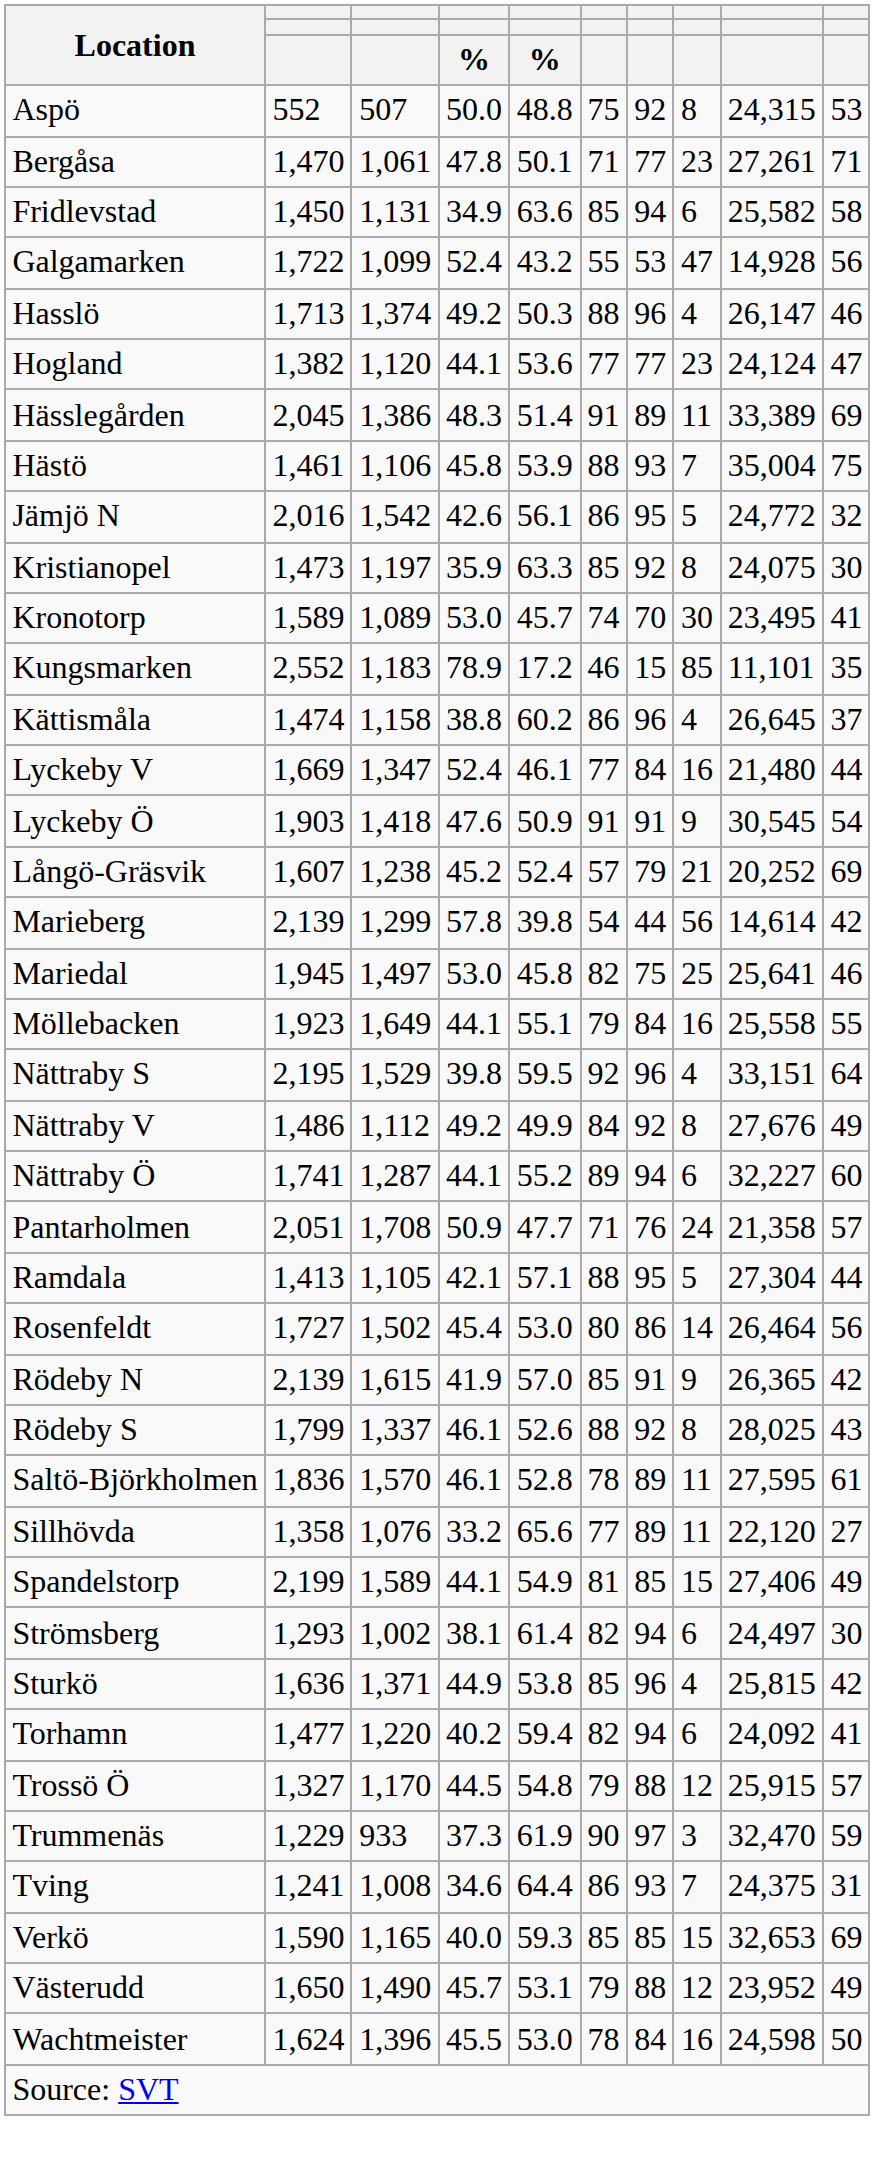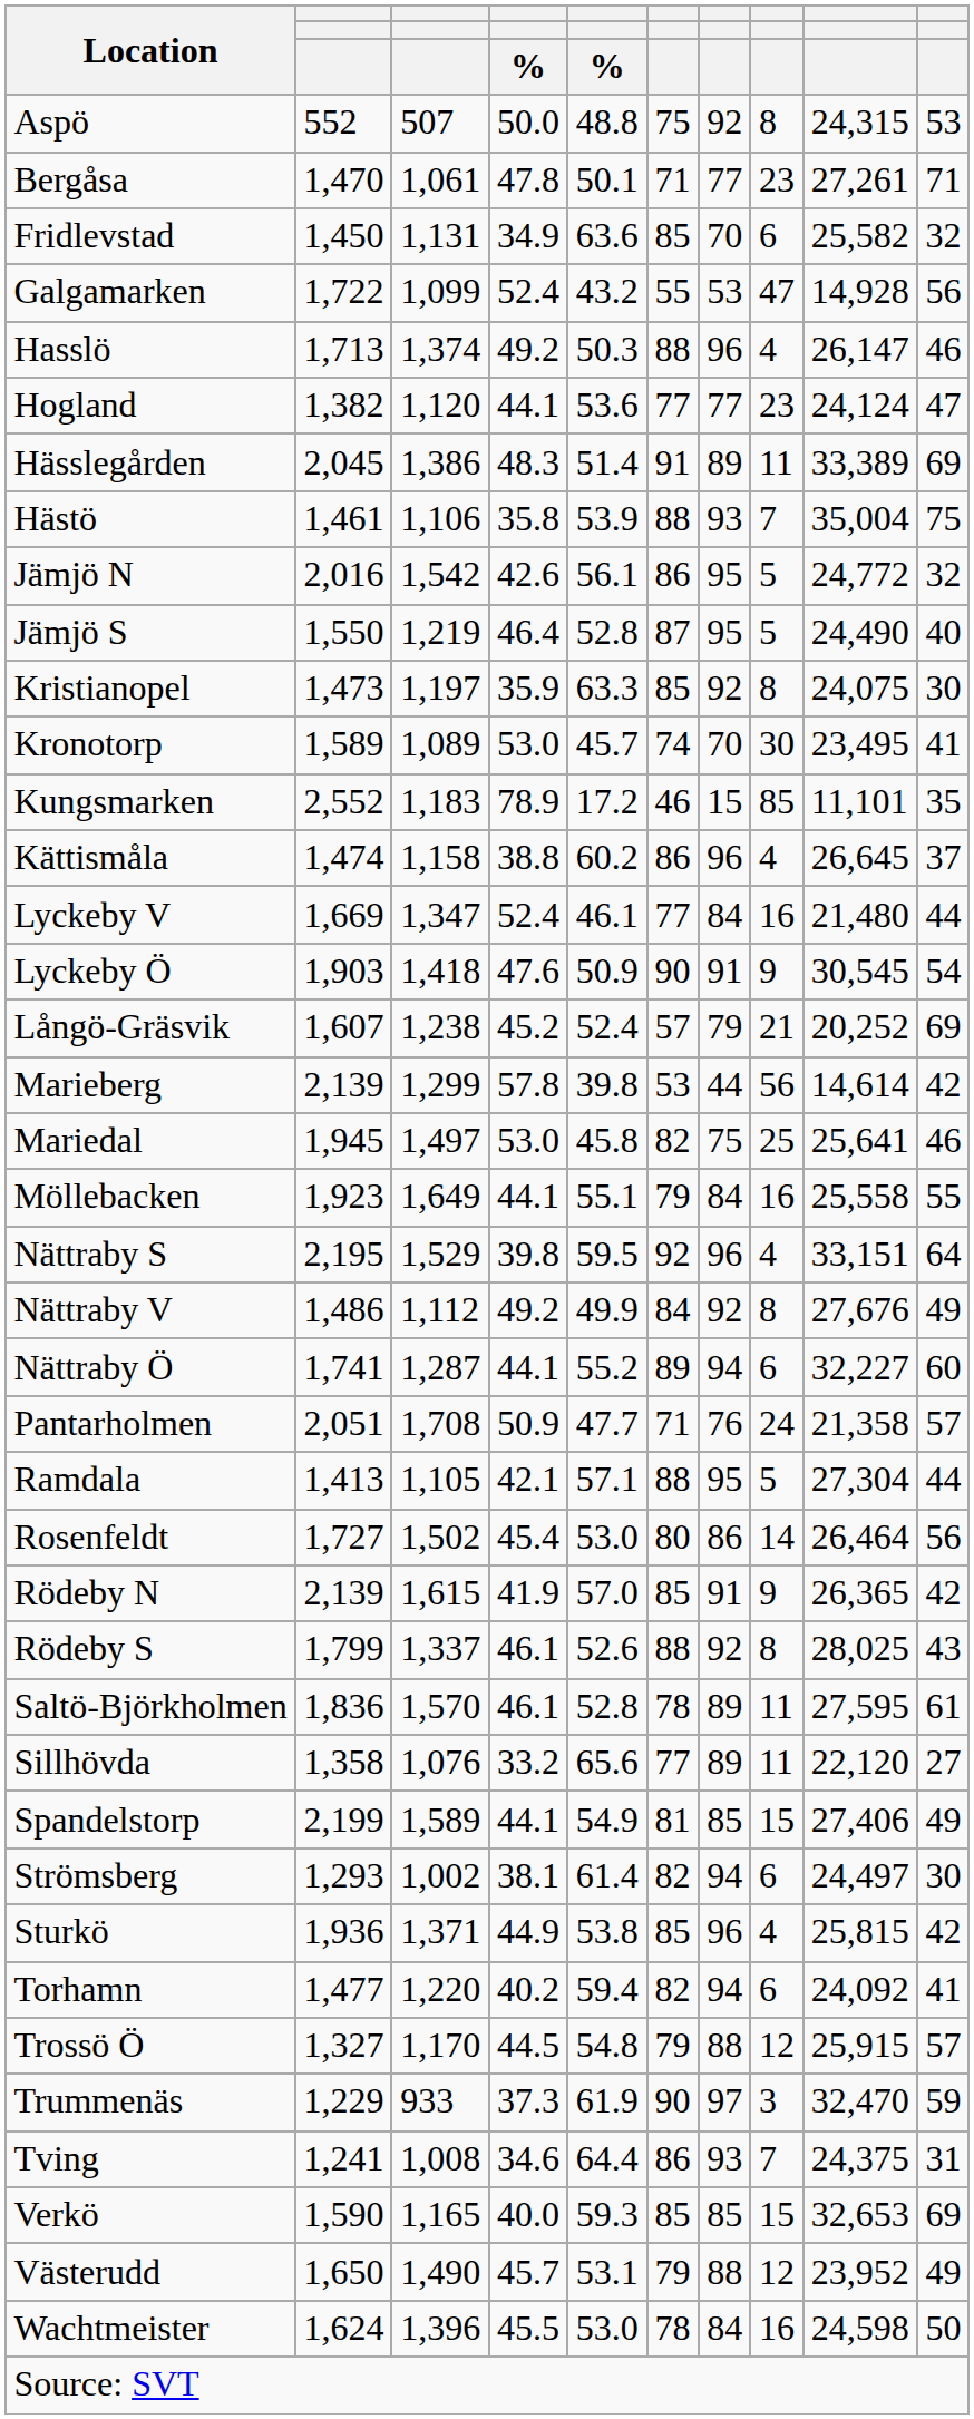 <table role="presentation" class="wikitable sortable mw-collapsible mw-collapsed">
 <tr>
 <th rowspan="3">Location</th>
 <th></th>
 <th></th>
 <th></th>
 <th></th>
 <th></th>
 <th></th>
 <th></th>
 <th></th>
 <th></th>
 </tr>
 <tr>
 <th></th>
 <th></th>
 <th style="background:"></th>
 <th style="background:"></th>
 <th></th>
 <th></th>
 <th></th>
 <th></th>
 <th></th>
 </tr>
 <tr>
 <th data-sort-type="number"></th>
 <th data-sort-type="number"></th>
 <th data-sort-type="number">%</th>
 <th data-sort-type="number">%</th>
 <th data-sort-type="number"></th>
 <th data-sort-type="number"></th>
 <th data-sort-type="number"></th>
 <th data-sort-type="number"></th>
 <th data-sort-type="number"></th>
 </tr>
 <tr>
 <td align="left">Aspö</td>
 <td>552</td>
 <td>507</td>
 <td>50.0</td>
 <td>48.8</td>
 <td>75</td>
 <td>92</td>
 <td>8</td>
 <td>24,315</td>
 <td>53</td>
 </tr>
 <tr>
 <td align="left">Bergåsa</td>
 <td>1,470</td>
 <td>1,061</td>
 <td>47.8</td>
 <td>50.1</td>
 <td>71</td>
 <td>77</td>
 <td>23</td>
 <td>27,261</td>
 <td>71</td>
 </tr>
 <tr>
 <td align="left">Fridlevstad</td>
 <td>1,450</td>
 <td>1,131</td>
 <td>34.9</td>
 <td>63.6</td>
 <td>85</td>
-<td>94</td>
+<td>70</td>
 <td>6</td>
 <td>25,582</td>
-<td>58</td>
+<td>32</td>
 </tr>
 <tr>
 <td align="left">Galgamarken</td>
 <td>1,722</td>
 <td>1,099</td>
 <td>52.4</td>
 <td>43.2</td>
 <td>55</td>
 <td>53</td>
 <td>47</td>
 <td>14,928</td>
 <td>56</td>
 </tr>
 <tr>
 <td align="left">Hasslö</td>
 <td>1,713</td>
 <td>1,374</td>
 <td>49.2</td>
 <td>50.3</td>
 <td>88</td>
 <td>96</td>
 <td>4</td>
 <td>26,147</td>
 <td>46</td>
 </tr>
 <tr>
 <td align="left">Hogland</td>
 <td>1,382</td>
 <td>1,120</td>
 <td>44.1</td>
 <td>53.6</td>
 <td>77</td>
 <td>77</td>
 <td>23</td>
 <td>24,124</td>
 <td>47</td>
 </tr>
 <tr>
 <td align="left">Hässlegården</td>
 <td>2,045</td>
 <td>1,386</td>
 <td>48.3</td>
 <td>51.4</td>
 <td>91</td>
 <td>89</td>
 <td>11</td>
 <td>33,389</td>
 <td>69</td>
 </tr>
 <tr>
 <td align="left">Hästö</td>
 <td>1,461</td>
 <td>1,106</td>
-<td>45.8</td>
+<td>35.8</td>
 <td>53.9</td>
 <td>88</td>
 <td>93</td>
 <td>7</td>
 <td>35,004</td>
 <td>75</td>
 </tr>
 <tr>
 <td align="left">Jämjö N</td>
 <td>2,016</td>
 <td>1,542</td>
 <td>42.6</td>
 <td>56.1</td>
 <td>86</td>
 <td>95</td>
 <td>5</td>
 <td>24,772</td>
 <td>32</td>
+</tr>
+<tr>
+<td align="left">Jämjö S</td>
+<td>1,550</td>
+<td>1,219</td>
+<td>46.4</td>
+<td>52.8</td>
+<td>87</td>
+<td>95</td>
+<td>5</td>
+<td>24,490</td>
+<td>40</td>
 </tr>
 <tr>
 <td align="left">Kristianopel</td>
 <td>1,473</td>
 <td>1,197</td>
 <td>35.9</td>
 <td>63.3</td>
 <td>85</td>
 <td>92</td>
 <td>8</td>
 <td>24,075</td>
 <td>30</td>
 </tr>
 <tr>
 <td align="left">Kronotorp</td>
 <td>1,589</td>
 <td>1,089</td>
 <td>53.0</td>
 <td>45.7</td>
 <td>74</td>
 <td>70</td>
 <td>30</td>
 <td>23,495</td>
 <td>41</td>
 </tr>
 <tr>
 <td align="left">Kungsmarken</td>
 <td>2,552</td>
 <td>1,183</td>
 <td>78.9</td>
 <td>17.2</td>
 <td>46</td>
 <td>15</td>
 <td>85</td>
 <td>11,101</td>
 <td>35</td>
 </tr>
 <tr>
 <td align="left">Kättismåla</td>
 <td>1,474</td>
 <td>1,158</td>
 <td>38.8</td>
 <td>60.2</td>
 <td>86</td>
 <td>96</td>
 <td>4</td>
 <td>26,645</td>
 <td>37</td>
 </tr>
 <tr>
 <td align="left">Lyckeby V</td>
 <td>1,669</td>
 <td>1,347</td>
 <td>52.4</td>
 <td>46.1</td>
 <td>77</td>
 <td>84</td>
 <td>16</td>
 <td>21,480</td>
 <td>44</td>
 </tr>
 <tr>
 <td align="left">Lyckeby Ö</td>
 <td>1,903</td>
 <td>1,418</td>
 <td>47.6</td>
 <td>50.9</td>
-<td>91</td>
+<td>90</td>
 <td>91</td>
 <td>9</td>
 <td>30,545</td>
 <td>54</td>
 </tr>
 <tr>
 <td align="left">Långö-Gräsvik</td>
 <td>1,607</td>
 <td>1,238</td>
 <td>45.2</td>
 <td>52.4</td>
 <td>57</td>
 <td>79</td>
 <td>21</td>
 <td>20,252</td>
 <td>69</td>
 </tr>
 <tr>
 <td align="left">Marieberg</td>
 <td>2,139</td>
 <td>1,299</td>
 <td>57.8</td>
 <td>39.8</td>
-<td>54</td>
+<td>53</td>
 <td>44</td>
 <td>56</td>
 <td>14,614</td>
 <td>42</td>
 </tr>
 <tr>
 <td align="left">Mariedal</td>
 <td>1,945</td>
 <td>1,497</td>
 <td>53.0</td>
 <td>45.8</td>
 <td>82</td>
 <td>75</td>
 <td>25</td>
 <td>25,641</td>
 <td>46</td>
 </tr>
 <tr>
 <td align="left">Möllebacken</td>
 <td>1,923</td>
 <td>1,649</td>
 <td>44.1</td>
 <td>55.1</td>
 <td>79</td>
 <td>84</td>
 <td>16</td>
 <td>25,558</td>
 <td>55</td>
 </tr>
 <tr>
 <td align="left">Nättraby S</td>
 <td>2,195</td>
 <td>1,529</td>
 <td>39.8</td>
 <td>59.5</td>
 <td>92</td>
 <td>96</td>
 <td>4</td>
 <td>33,151</td>
 <td>64</td>
 </tr>
 <tr>
 <td align="left">Nättraby V</td>
 <td>1,486</td>
 <td>1,112</td>
 <td>49.2</td>
 <td>49.9</td>
 <td>84</td>
 <td>92</td>
 <td>8</td>
 <td>27,676</td>
 <td>49</td>
 </tr>
 <tr>
 <td align="left">Nättraby Ö</td>
 <td>1,741</td>
 <td>1,287</td>
 <td>44.1</td>
 <td>55.2</td>
 <td>89</td>
 <td>94</td>
 <td>6</td>
 <td>32,227</td>
 <td>60</td>
 </tr>
 <tr>
 <td align="left">Pantarholmen</td>
 <td>2,051</td>
 <td>1,708</td>
 <td>50.9</td>
 <td>47.7</td>
 <td>71</td>
 <td>76</td>
 <td>24</td>
 <td>21,358</td>
 <td>57</td>
 </tr>
 <tr>
 <td align="left">Ramdala</td>
 <td>1,413</td>
 <td>1,105</td>
 <td>42.1</td>
 <td>57.1</td>
 <td>88</td>
 <td>95</td>
 <td>5</td>
 <td>27,304</td>
 <td>44</td>
 </tr>
 <tr>
 <td align="left">Rosenfeldt</td>
 <td>1,727</td>
 <td>1,502</td>
 <td>45.4</td>
 <td>53.0</td>
 <td>80</td>
 <td>86</td>
 <td>14</td>
 <td>26,464</td>
 <td>56</td>
 </tr>
 <tr>
 <td align="left">Rödeby N</td>
 <td>2,139</td>
 <td>1,615</td>
 <td>41.9</td>
 <td>57.0</td>
 <td>85</td>
 <td>91</td>
 <td>9</td>
 <td>26,365</td>
 <td>42</td>
 </tr>
 <tr>
 <td align="left">Rödeby S</td>
 <td>1,799</td>
 <td>1,337</td>
 <td>46.1</td>
 <td>52.6</td>
 <td>88</td>
 <td>92</td>
 <td>8</td>
 <td>28,025</td>
 <td>43</td>
 </tr>
 <tr>
 <td align="left">Saltö-Björkholmen</td>
 <td>1,836</td>
 <td>1,570</td>
 <td>46.1</td>
 <td>52.8</td>
 <td>78</td>
 <td>89</td>
 <td>11</td>
 <td>27,595</td>
 <td>61</td>
 </tr>
 <tr>
 <td align="left">Sillhövda</td>
 <td>1,358</td>
 <td>1,076</td>
 <td>33.2</td>
 <td>65.6</td>
 <td>77</td>
 <td>89</td>
 <td>11</td>
 <td>22,120</td>
 <td>27</td>
 </tr>
 <tr>
 <td align="left">Spandelstorp</td>
 <td>2,199</td>
 <td>1,589</td>
 <td>44.1</td>
 <td>54.9</td>
 <td>81</td>
 <td>85</td>
 <td>15</td>
 <td>27,406</td>
 <td>49</td>
 </tr>
 <tr>
 <td align="left">Strömsberg</td>
 <td>1,293</td>
 <td>1,002</td>
 <td>38.1</td>
 <td>61.4</td>
 <td>82</td>
 <td>94</td>
 <td>6</td>
 <td>24,497</td>
 <td>30</td>
 </tr>
 <tr>
 <td align="left">Sturkö</td>
-<td>1,636</td>
+<td>1,936</td>
 <td>1,371</td>
 <td>44.9</td>
 <td>53.8</td>
 <td>85</td>
 <td>96</td>
 <td>4</td>
 <td>25,815</td>
 <td>42</td>
 </tr>
 <tr>
 <td align="left">Torhamn</td>
 <td>1,477</td>
 <td>1,220</td>
 <td>40.2</td>
 <td>59.4</td>
 <td>82</td>
 <td>94</td>
 <td>6</td>
 <td>24,092</td>
 <td>41</td>
 </tr>
 <tr>
 <td align="left">Trossö Ö</td>
 <td>1,327</td>
 <td>1,170</td>
 <td>44.5</td>
 <td>54.8</td>
 <td>79</td>
 <td>88</td>
 <td>12</td>
 <td>25,915</td>
 <td>57</td>
 </tr>
 <tr>
 <td align="left">Trummenäs</td>
 <td>1,229</td>
 <td>933</td>
 <td>37.3</td>
 <td>61.9</td>
 <td>90</td>
 <td>97</td>
 <td>3</td>
 <td>32,470</td>
 <td>59</td>
 </tr>
 <tr>
 <td align="left">Tving</td>
 <td>1,241</td>
 <td>1,008</td>
 <td>34.6</td>
 <td>64.4</td>
 <td>86</td>
 <td>93</td>
 <td>7</td>
 <td>24,375</td>
 <td>31</td>
 </tr>
 <tr>
 <td align="left">Verkö</td>
 <td>1,590</td>
 <td>1,165</td>
 <td>40.0</td>
 <td>59.3</td>
 <td>85</td>
 <td>85</td>
 <td>15</td>
 <td>32,653</td>
 <td>69</td>
 </tr>
 <tr>
 <td align="left">Västerudd</td>
 <td>1,650</td>
 <td>1,490</td>
 <td>45.7</td>
 <td>53.1</td>
 <td>79</td>
 <td>88</td>
 <td>12</td>
 <td>23,952</td>
 <td>49</td>
 </tr>
 <tr>
 <td align="left">Wachtmeister</td>
 <td>1,624</td>
 <td>1,396</td>
 <td>45.5</td>
 <td>53.0</td>
 <td>78</td>
 <td>84</td>
 <td>16</td>
 <td>24,598</td>
 <td>50</td>
 </tr>
 <tr>
 <td colspan="10" align="left">Source: <a href='#'>SVT</a></td>
 </tr>
 </table>
